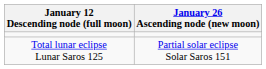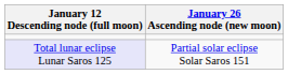 <table class="wikitable">
 <tr>
 <th>January 12<br>Descending node (full moon)<br></th>
 <th><a href='#'>January 26</a><br>Ascending node (new moon)<br></th>
 </tr>
 <tr>
 <td></td>
 <td></td>
 </tr>
 <tr align=center>
-<td><a href='#'>Total lunar eclipse</a><br>Lunar Saros 125</td>
+<td style="background: lavender;"><a href='#'>Total lunar eclipse</a><br>Lunar Saros 125</td>
 <td><a href='#'>Partial solar eclipse</a><br>Solar Saros 151</td>
 </tr>
 </table>
